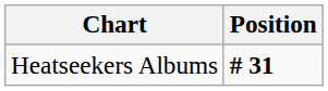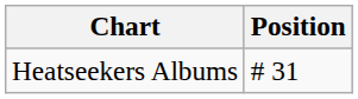 <table class="wikitable">
 <tr>
 <th align="left">Chart</th>
 <th align="left">Position</th>
 </tr>
 <tr>
 <td align="left">Heatseekers Albums</td>
-<td align="left"><strong># 31</strong></td>
+<td align="left"># 31</td>
 </tr>
 </table>
